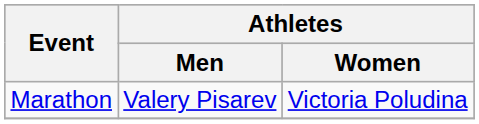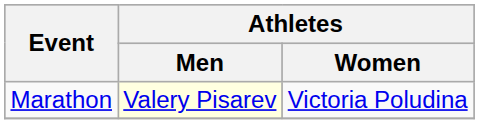 <table class=wikitable style="font-size:90%">
 <tr>
 <th rowspan=2>Event</th>
 <th colspan=2>Athletes</th>
 </tr>
 <tr>
 <th>Men</th>
 <th>Women</th>
 </tr>
 <tr>
 <td><a href='#'>Marathon</a></td>
-<td><a href='#'>Valery Pisarev</a></td>
+<td style="background: lightyellow;"><a href='#'>Valery Pisarev</a></td>
 <td><a href='#'>Victoria Poludina</a></td>
 </tr>
 <tr>
 </tr>
 </table>
